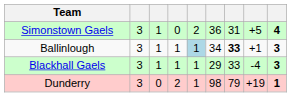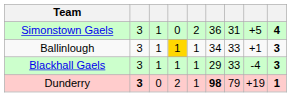 <table class="wikitable" style="text-align:center">
 <tr>
 <th width="175">Team</th>
 <th width="20"></th>
 <th width="20"></th>
 <th width="20"></th>
 <th width="20"></th>
 <th width="20"></th>
 <th width="20"></th>
 <th width="20"></th>
 <th width="20"></th>
 </tr>
 <tr style="background:#cfc;">
 <td><a href='#'>Simonstown Gaels</a></td>
 <td>3</td>
 <td>1</td>
 <td>0</td>
 <td>2</td>
 <td>36</td>
 <td>31</td>
 <td>+5</td>
 <td><strong>4</strong></td>
 </tr>
 <tr>
 <td>Ballinlough</td>
 <td>3</td>
 <td>1</td>
+<td style="background: gold;">1</td>
 <td>1</td>
-<td style="background: lightblue;">1</td>
 <td>34</td>
-<td><strong>33</strong></td>
+<td>33</td>
 <td>+1</td>
 <td><strong>3</strong></td>
 </tr>
 <tr style="background:#cfc;">
 <td><a href='#'>Blackhall Gaels</a></td>
 <td>3</td>
 <td>1</td>
 <td>1</td>
 <td>1</td>
 <td>29</td>
 <td>33</td>
 <td>-4</td>
 <td><strong>3</strong></td>
 </tr>
 <tr style="background:#fcc;">
 <td>Dunderry</td>
-<td>3</td>
+<td><strong>3</strong></td>
 <td>0</td>
 <td>2</td>
 <td>1</td>
-<td>98</td>
+<td><strong>98</strong></td>
 <td>79</td>
 <td>+19</td>
 <td><strong>1</strong></td>
 </tr>
 </table>
